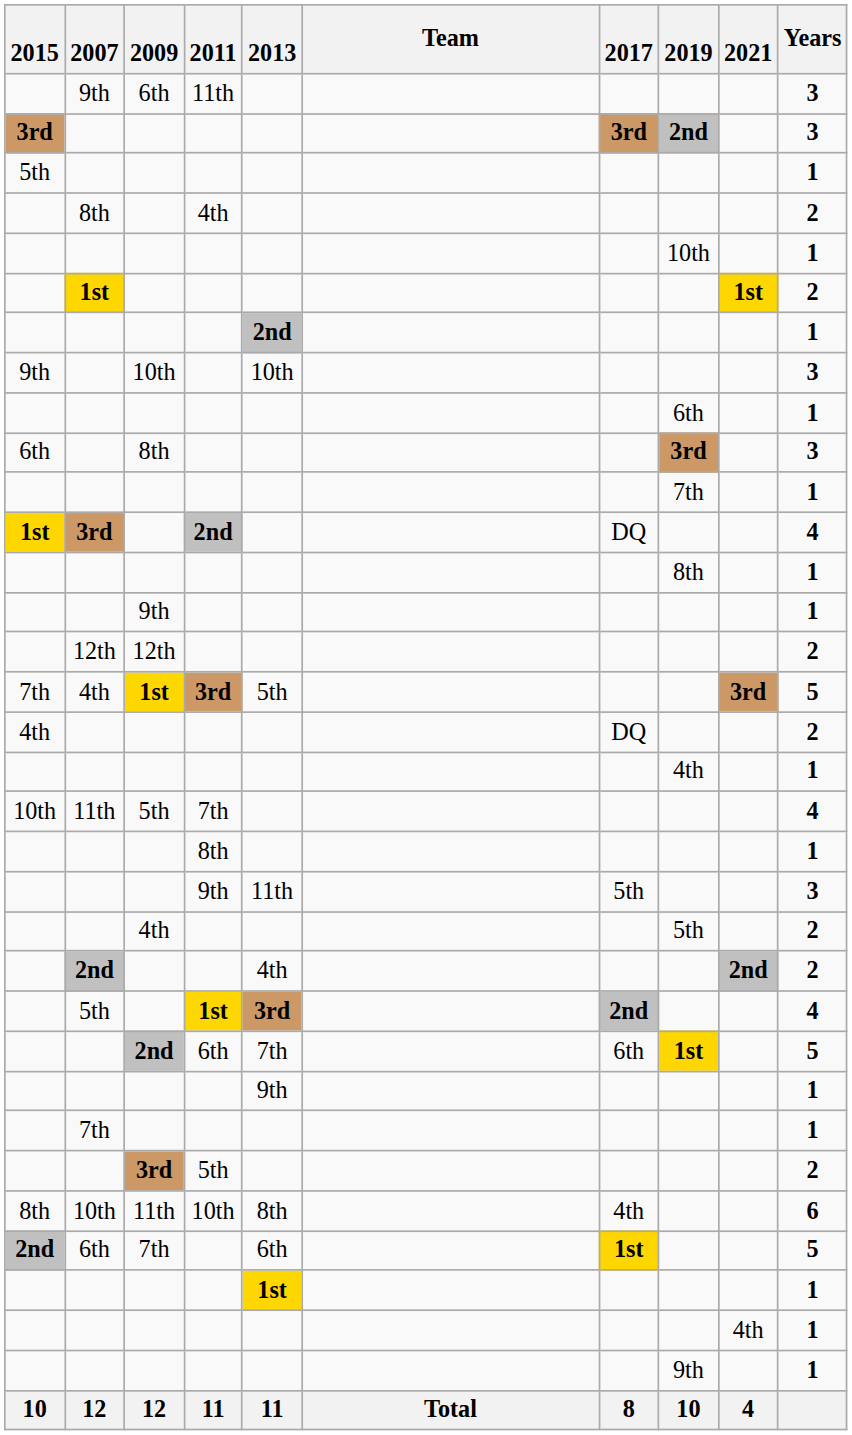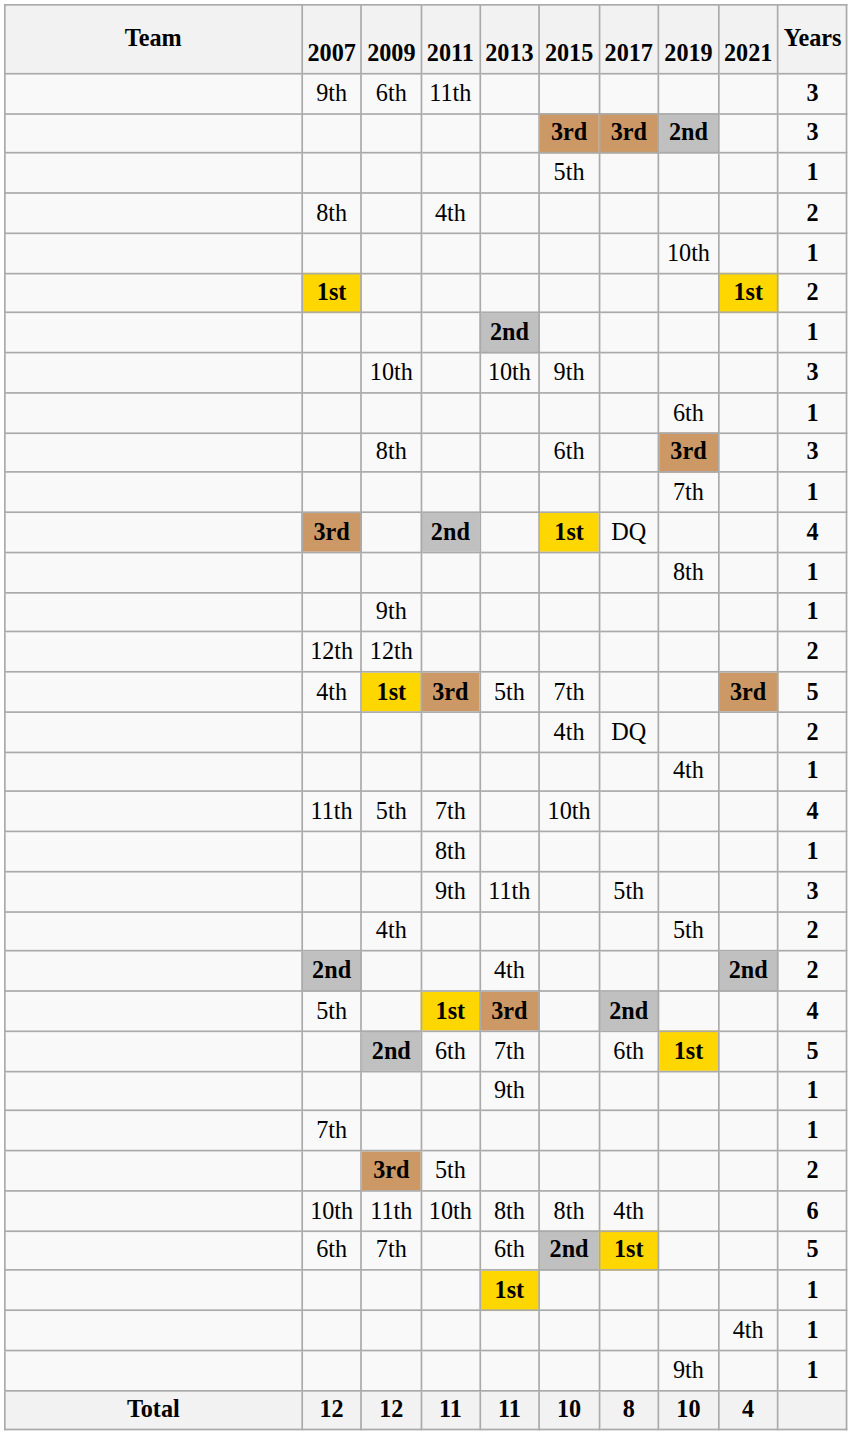 <table class="wikitable" style="text-align:center; font-size:90%">
 <tr>
-<th><br>2015</th>
+<th width=170>Team</th>
 <th><br>2007</th>
 <th><br>2009</th>
 <th><br>2011</th>
 <th><br>2013</th>
-<th width=170>Team</th>
+<th><br>2015</th>
 <th><br>2017</th>
 <th><br>2019</th>
 <th><br>2021</th>
 <th>Years</th>
 </tr>
 <tr>
-<td></td>
+<td align=left></td>
 <td>9th</td>
 <td>6th</td>
 <td>11th</td>
 <td></td>
-<td align=left></td>
+<td></td>
 <td></td>
 <td></td>
 <td></td>
 <td><strong>3</strong></td>
 </tr>
 <tr>
-<td bgcolor=cc9966><strong>3rd</strong></td>
+<td align=left></td>
 <td></td>
 <td></td>
 <td></td>
 <td></td>
-<td align=left></td>
+<td bgcolor=cc9966><strong>3rd</strong></td>
 <td bgcolor=cc9966><strong>3rd</strong></td>
 <td bgcolor=silver><strong>2nd</strong></td>
 <td></td>
 <td><strong>3</strong></td>
 </tr>
 <tr>
-<td>5th</td>
+<td align=left></td>
 <td></td>
 <td></td>
 <td></td>
 <td></td>
-<td align=left></td>
+<td>5th</td>
 <td></td>
 <td></td>
 <td></td>
 <td><strong>1</strong></td>
 </tr>
 <tr>
-<td></td>
+<td align=left></td>
 <td>8th</td>
 <td></td>
 <td>4th</td>
 <td></td>
-<td align=left></td>
+<td></td>
 <td></td>
 <td></td>
 <td></td>
 <td><strong>2</strong></td>
 </tr>
 <tr>
+<td align=left></td>
 <td></td>
 <td></td>
 <td></td>
 <td></td>
 <td></td>
-<td align=left></td>
 <td></td>
 <td>10th</td>
 <td></td>
 <td><strong>1</strong></td>
 </tr>
 <tr>
-<td></td>
+<td align=left></td>
 <td bgcolor=gold><strong>1st</strong></td>
 <td></td>
 <td></td>
 <td></td>
-<td align=left></td>
+<td></td>
 <td></td>
 <td></td>
 <td bgcolor=gold><strong>1st</strong></td>
 <td><strong>2</strong></td>
 </tr>
 <tr>
-<td></td>
+<td align=left></td>
 <td></td>
 <td></td>
 <td></td>
 <td bgcolor=silver><strong>2nd</strong></td>
-<td align=left></td>
+<td></td>
 <td></td>
 <td></td>
 <td></td>
 <td><strong>1</strong></td>
 </tr>
 <tr>
-<td>9th</td>
+<td align=left></td>
 <td></td>
 <td>10th</td>
 <td></td>
 <td>10th</td>
-<td align=left></td>
+<td>9th</td>
 <td></td>
 <td></td>
 <td></td>
 <td><strong>3</strong></td>
 </tr>
 <tr>
+<td align=left></td>
 <td></td>
 <td></td>
 <td></td>
 <td></td>
 <td></td>
-<td align=left></td>
 <td></td>
 <td>6th</td>
 <td></td>
 <td><strong>1</strong></td>
 </tr>
 <tr>
-<td>6th</td>
+<td align=left></td>
 <td></td>
 <td>8th</td>
 <td></td>
 <td></td>
-<td align=left></td>
+<td>6th</td>
 <td></td>
 <td bgcolor=cc9966><strong>3rd</strong></td>
 <td></td>
 <td><strong>3</strong></td>
 </tr>
 <tr>
+<td align=left></td>
 <td></td>
 <td></td>
 <td></td>
 <td></td>
 <td></td>
-<td align=left></td>
 <td></td>
 <td>7th</td>
 <td></td>
 <td><strong>1</strong></td>
 </tr>
 <tr>
-<td bgcolor=gold><strong>1st</strong></td>
+<td align=left></td>
 <td bgcolor=cc9966><strong>3rd</strong></td>
 <td></td>
 <td bgcolor=silver><strong>2nd</strong></td>
 <td></td>
-<td align=left></td>
+<td bgcolor=gold><strong>1st</strong></td>
 <td>DQ</td>
 <td></td>
 <td></td>
 <td><strong>4</strong></td>
 </tr>
 <tr>
+<td align=left></td>
 <td></td>
 <td></td>
 <td></td>
 <td></td>
 <td></td>
-<td align=left></td>
 <td></td>
 <td>8th</td>
 <td></td>
 <td><strong>1</strong></td>
 </tr>
 <tr>
-<td></td>
+<td align=left></td>
 <td></td>
 <td>9th</td>
 <td></td>
 <td></td>
-<td align=left></td>
+<td></td>
 <td></td>
 <td></td>
 <td></td>
 <td><strong>1</strong></td>
 </tr>
 <tr>
-<td></td>
+<td align=left></td>
 <td>12th</td>
 <td>12th</td>
 <td></td>
 <td></td>
-<td align=left></td>
+<td></td>
 <td></td>
 <td></td>
 <td></td>
 <td><strong>2</strong></td>
 </tr>
 <tr>
-<td>7th</td>
+<td align=left></td>
 <td>4th</td>
 <td bgcolor=gold><strong>1st</strong></td>
 <td bgcolor=cc9966><strong>3rd</strong></td>
 <td>5th</td>
-<td align=left></td>
+<td>7th</td>
 <td></td>
 <td></td>
 <td bgcolor=cc9966><strong>3rd</strong></td>
 <td><strong>5</strong></td>
 </tr>
 <tr>
-<td>4th</td>
+<td align=left></td>
 <td></td>
 <td></td>
 <td></td>
 <td></td>
-<td align=left></td>
+<td>4th</td>
 <td>DQ</td>
 <td></td>
 <td></td>
 <td><strong>2</strong></td>
 </tr>
 <tr>
+<td align=left></td>
 <td></td>
 <td></td>
 <td></td>
 <td></td>
 <td></td>
-<td align=left></td>
 <td></td>
 <td>4th</td>
 <td></td>
 <td><strong>1</strong></td>
 </tr>
 <tr>
-<td>10th</td>
+<td align=left></td>
 <td>11th</td>
 <td>5th</td>
 <td>7th</td>
 <td></td>
-<td align=left></td>
+<td>10th</td>
 <td></td>
 <td></td>
 <td></td>
 <td><strong>4</strong></td>
 </tr>
 <tr>
-<td></td>
+<td align=left></td>
 <td></td>
 <td></td>
 <td>8th</td>
 <td></td>
-<td align=left></td>
+<td></td>
 <td></td>
 <td></td>
 <td></td>
 <td><strong>1</strong></td>
 </tr>
 <tr>
-<td></td>
+<td align=left></td>
 <td></td>
 <td></td>
 <td>9th</td>
 <td>11th</td>
-<td align=left></td>
+<td></td>
 <td>5th</td>
 <td></td>
 <td></td>
 <td><strong>3</strong></td>
 </tr>
 <tr>
-<td></td>
+<td align=left></td>
 <td></td>
 <td>4th</td>
 <td></td>
 <td></td>
-<td align=left></td>
+<td></td>
 <td></td>
 <td>5th</td>
 <td></td>
 <td><strong>2</strong></td>
 </tr>
 <tr>
-<td></td>
+<td align=left></td>
 <td bgcolor=silver><strong>2nd</strong></td>
 <td></td>
 <td></td>
 <td>4th</td>
-<td align=left></td>
+<td></td>
 <td></td>
 <td></td>
 <td bgcolor=silver><strong>2nd</strong></td>
 <td><strong>2</strong></td>
 </tr>
 <tr>
-<td></td>
+<td align=left></td>
 <td>5th</td>
 <td></td>
 <td bgcolor=gold><strong>1st</strong></td>
 <td bgcolor=cc9966><strong>3rd</strong></td>
-<td align=left></td>
+<td></td>
 <td bgcolor=silver><strong>2nd</strong></td>
 <td></td>
 <td></td>
 <td><strong>4</strong></td>
 </tr>
 <tr>
-<td></td>
+<td align=left></td>
 <td></td>
 <td bgcolor=silver><strong>2nd</strong></td>
 <td>6th</td>
 <td>7th</td>
-<td align=left></td>
+<td></td>
 <td>6th</td>
 <td bgcolor=gold><strong>1st</strong></td>
 <td></td>
 <td><strong>5</strong></td>
 </tr>
 <tr>
-<td></td>
+<td align=left></td>
 <td></td>
 <td></td>
 <td></td>
 <td>9th</td>
-<td align=left></td>
+<td></td>
 <td></td>
 <td></td>
 <td></td>
 <td><strong>1</strong></td>
 </tr>
 <tr>
-<td></td>
+<td align=left></td>
 <td>7th</td>
 <td></td>
 <td></td>
 <td></td>
-<td align=left></td>
+<td></td>
 <td></td>
 <td></td>
 <td></td>
 <td><strong>1</strong></td>
 </tr>
 <tr>
-<td></td>
+<td align=left></td>
 <td></td>
 <td bgcolor=cc9966><strong>3rd</strong></td>
 <td>5th</td>
 <td></td>
-<td align=left></td>
+<td></td>
 <td></td>
 <td></td>
 <td></td>
 <td><strong>2</strong></td>
 </tr>
 <tr>
-<td>8th</td>
+<td align=left></td>
 <td>10th</td>
 <td>11th</td>
 <td>10th</td>
 <td>8th</td>
-<td align=left></td>
+<td>8th</td>
 <td>4th</td>
 <td></td>
 <td></td>
 <td><strong>6</strong></td>
 </tr>
 <tr>
-<td bgcolor=silver><strong>2nd</strong></td>
+<td align=left></td>
 <td>6th</td>
 <td>7th</td>
 <td></td>
 <td>6th</td>
-<td align=left></td>
+<td bgcolor=silver><strong>2nd</strong></td>
 <td bgcolor=gold><strong>1st</strong></td>
 <td></td>
 <td></td>
 <td><strong>5</strong></td>
 </tr>
 <tr>
-<td></td>
+<td align=left></td>
 <td></td>
 <td></td>
 <td></td>
 <td bgcolor=gold><strong>1st</strong></td>
-<td align=left></td>
+<td></td>
 <td></td>
 <td></td>
 <td></td>
 <td><strong>1</strong></td>
 </tr>
 <tr>
+<td align=left></td>
 <td></td>
 <td></td>
 <td></td>
 <td></td>
 <td></td>
-<td align=left></td>
 <td></td>
 <td></td>
 <td>4th</td>
 <td><strong>1</strong></td>
 </tr>
 <tr>
+<td align=left></td>
 <td></td>
 <td></td>
 <td></td>
 <td></td>
 <td></td>
-<td align=left></td>
 <td></td>
 <td>9th</td>
 <td></td>
 <td><strong>1</strong></td>
 </tr>
 <tr>
-<th>10</th>
+<th>Total</th>
 <th>12</th>
 <th>12</th>
 <th>11</th>
 <th>11</th>
-<th>Total</th>
+<th>10</th>
 <th>8</th>
 <th>10</th>
 <th>4</th>
 <th></th>
 </tr>
 </table>
